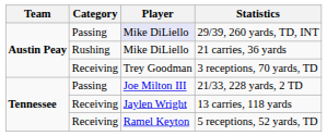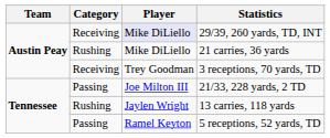 <table class="wikitable" style="float: right;">
 <tr>
 <th>Team</th>
 <th>Category</th>
 <th>Player</th>
 <th>Statistics</th>
 </tr>
 <tr>
 <td rowspan=3><strong>Austin Peay</strong></td>
-<td>Passing</td>
+<td>Receiving</td>
 <td style="background: lavender;">Mike DiLiello</td>
 <td>29/39, 260 yards, TD, INT</td>
 </tr>
 <tr>
 <td>Rushing</td>
 <td>Mike DiLiello</td>
 <td>21 carries, 36 yards</td>
 </tr>
 <tr>
 <td>Receiving</td>
 <td>Trey Goodman</td>
 <td>3 receptions, 70 yards, TD</td>
 </tr>
 <tr>
 <td rowspan=3><strong>Tennessee</strong></td>
 <td>Passing</td>
 <td><a href='#'>Joe Milton III</a></td>
 <td>21/33, 228 yards, 2 TD</td>
 </tr>
 <tr>
-<td>Receiving</td>
+<td>Rushing</td>
 <td><a href='#'>Jaylen Wright</a></td>
 <td>13 carries, 118 yards</td>
 </tr>
 <tr>
-<td>Receiving</td>
+<td>Passing</td>
 <td><a href='#'>Ramel Keyton</a></td>
 <td>5 receptions, 52 yards, TD</td>
 </tr>
 </table>
